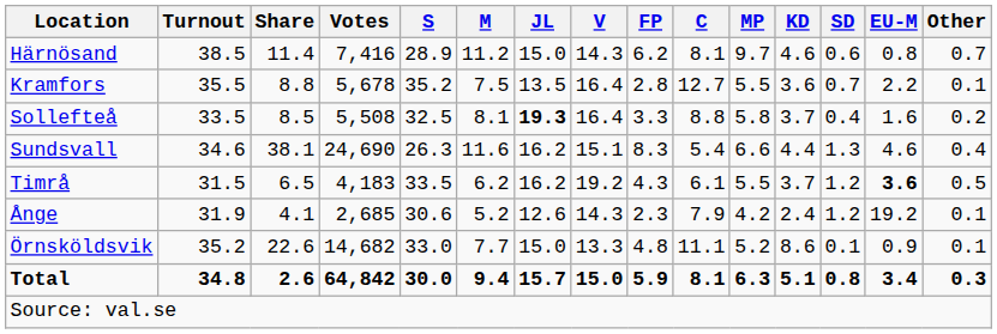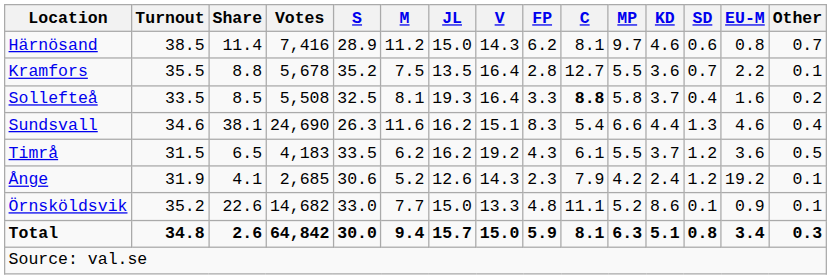 <table class="wikitable sortable" style=text-align:right>
 <tr>
 <th>Location</th>
 <th>Turnout</th>
 <th>Share</th>
 <th>Votes</th>
 <th><a href='#'>S</a></th>
 <th><a href='#'>M</a></th>
 <th><a href='#'>JL</a></th>
 <th><a href='#'>V</a></th>
 <th><a href='#'>FP</a></th>
 <th><a href='#'>C</a></th>
 <th><a href='#'>MP</a></th>
 <th><a href='#'>KD</a></th>
 <th><a href='#'>SD</a></th>
 <th><a href='#'>EU-M</a></th>
 <th>Other</th>
 </tr>
 <tr>
 <td align=left><a href='#'>Härnösand</a></td>
 <td>38.5</td>
 <td>11.4</td>
 <td>7,416</td>
 <td>28.9</td>
 <td>11.2</td>
 <td>15.0</td>
 <td>14.3</td>
 <td>6.2</td>
 <td>8.1</td>
 <td>9.7</td>
 <td>4.6</td>
 <td>0.6</td>
 <td>0.8</td>
 <td>0.7</td>
 </tr>
 <tr>
 <td align=left><a href='#'>Kramfors</a></td>
 <td>35.5</td>
 <td>8.8</td>
 <td>5,678</td>
 <td>35.2</td>
 <td>7.5</td>
 <td>13.5</td>
 <td>16.4</td>
 <td>2.8</td>
 <td>12.7</td>
 <td>5.5</td>
 <td>3.6</td>
 <td>0.7</td>
 <td>2.2</td>
 <td>0.1</td>
 </tr>
 <tr>
 <td align=left><a href='#'>Sollefteå</a></td>
 <td>33.5</td>
 <td>8.5</td>
 <td>5,508</td>
 <td>32.5</td>
 <td>8.1</td>
-<td><strong>19.3</strong></td>
+<td>19.3</td>
 <td>16.4</td>
 <td>3.3</td>
-<td>8.8</td>
+<td><strong>8.8</strong></td>
 <td>5.8</td>
 <td>3.7</td>
 <td>0.4</td>
 <td>1.6</td>
 <td>0.2</td>
 </tr>
 <tr>
 <td align=left><a href='#'>Sundsvall</a></td>
 <td>34.6</td>
 <td>38.1</td>
 <td>24,690</td>
 <td>26.3</td>
 <td>11.6</td>
 <td>16.2</td>
 <td>15.1</td>
 <td>8.3</td>
 <td>5.4</td>
 <td>6.6</td>
 <td>4.4</td>
 <td>1.3</td>
 <td>4.6</td>
 <td>0.4</td>
 </tr>
 <tr>
 <td align=left><a href='#'>Timrå</a></td>
 <td>31.5</td>
 <td>6.5</td>
 <td>4,183</td>
 <td>33.5</td>
 <td>6.2</td>
 <td>16.2</td>
 <td>19.2</td>
 <td>4.3</td>
 <td>6.1</td>
 <td>5.5</td>
 <td>3.7</td>
 <td>1.2</td>
-<td><strong>3.6</strong></td>
+<td>3.6</td>
 <td>0.5</td>
 </tr>
 <tr>
 <td align=left><a href='#'>Ånge</a></td>
 <td>31.9</td>
 <td>4.1</td>
 <td>2,685</td>
 <td>30.6</td>
 <td>5.2</td>
 <td>12.6</td>
 <td>14.3</td>
 <td>2.3</td>
 <td>7.9</td>
 <td>4.2</td>
 <td>2.4</td>
 <td>1.2</td>
 <td>19.2</td>
 <td>0.1</td>
 </tr>
 <tr>
 <td align=left><a href='#'>Örnsköldsvik</a></td>
 <td>35.2</td>
 <td>22.6</td>
 <td>14,682</td>
 <td>33.0</td>
 <td>7.7</td>
 <td>15.0</td>
 <td>13.3</td>
 <td>4.8</td>
 <td>11.1</td>
 <td>5.2</td>
 <td>8.6</td>
 <td>0.1</td>
 <td>0.9</td>
 <td>0.1</td>
 </tr>
 <tr>
 <td align=left><strong>Total</strong></td>
 <td><strong>34.8</strong></td>
 <td><strong>2.6</strong></td>
 <td><strong>64,842</strong></td>
 <td><strong>30.0</strong></td>
 <td><strong>9.4</strong></td>
 <td><strong>15.7</strong></td>
 <td><strong>15.0</strong></td>
 <td><strong>5.9</strong></td>
 <td><strong>8.1</strong></td>
 <td><strong>6.3</strong></td>
 <td><strong>5.1</strong></td>
 <td><strong>0.8</strong></td>
 <td><strong>3.4</strong></td>
 <td><strong>0.3</strong></td>
 </tr>
 <tr>
 <td align=left colspan=15>Source: val.se </td>
 </tr>
 </table>
